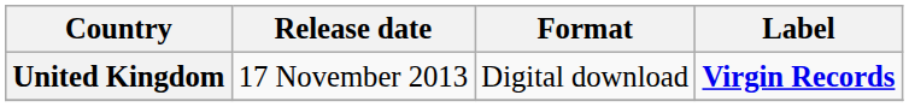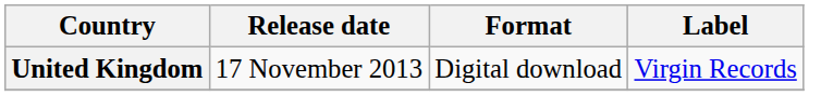 <table class="wikitable plainrowheaders">
 <tr>
 <th scope="col">Country</th>
 <th scope="col">Release date</th>
 <th scope="col">Format</th>
 <th scope="col">Label</th>
 </tr>
 <tr>
 <th scope="row">United Kingdom</th>
 <td>17 November 2013</td>
 <td>Digital download</td>
-<td><strong><a href='#'>Virgin Records</a></strong></td>
+<td><a href='#'>Virgin Records</a></td>
 </tr>
 <tr>
 </tr>
 </table>
